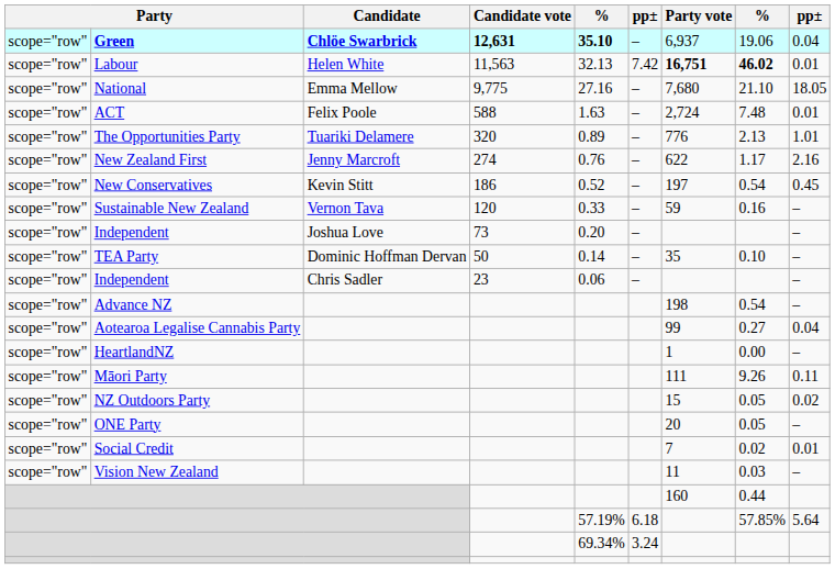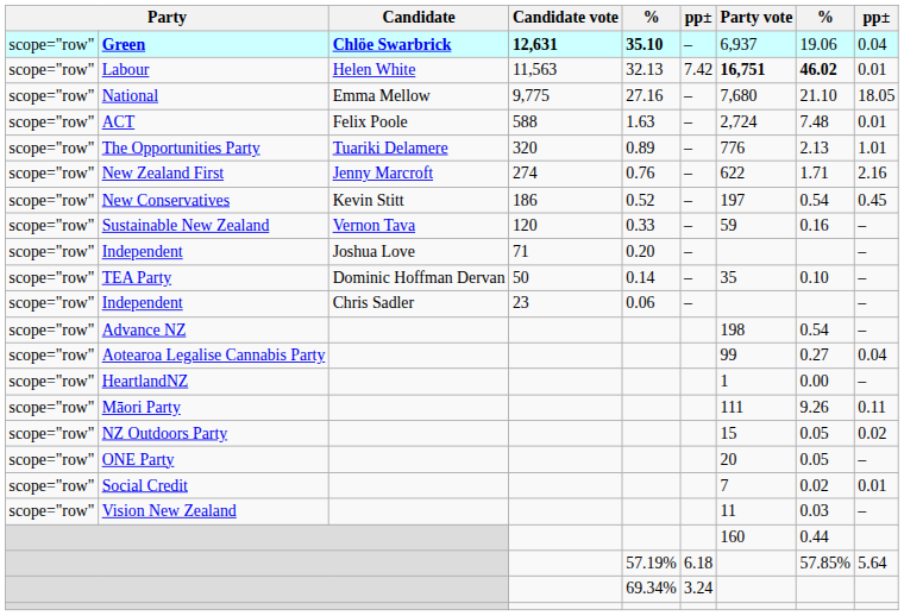 <table class="wikitable sortable col4right col5right col6right col7right col8right col9right">
 <tr>
 <th scope="col" colspan="2">Party</th>
 <th scope="col">Candidate</th>
 <th scope="col">Candidate vote</th>
 <th scope="col">%</th>
 <th>pp±</th>
 <th scope="col">Party vote</th>
 <th scope="col">%</th>
 <th>pp±</th>
 </tr>
 <tr style="background:#ccffff">
 <td>scope="row" </td>
 <td><a href='#'><strong>Green</strong></a></td>
 <td><strong><a href='#'>Chlöe Swarbrick</a></strong></td>
 <td><strong>12,631</strong></td>
 <td><strong>35.10</strong></td>
 <td>–</td>
 <td>6,937</td>
 <td>19.06</td>
 <td>0.04</td>
 </tr>
 <tr>
 <td>scope="row" </td>
 <td><a href='#'>Labour</a></td>
 <td><a href='#'>Helen White</a></td>
 <td>11,563</td>
 <td>32.13</td>
 <td>7.42</td>
 <td><strong>16,751</strong></td>
 <td><strong>46.02</strong></td>
 <td>0.01</td>
 </tr>
 <tr>
 <td>scope="row" </td>
 <td><a href='#'>National</a></td>
 <td>Emma Mellow</td>
 <td>9,775</td>
 <td>27.16</td>
 <td>–</td>
 <td>7,680</td>
 <td>21.10</td>
 <td>18.05</td>
 </tr>
 <tr>
 <td>scope="row" </td>
 <td><a href='#'>ACT</a></td>
 <td>Felix Poole</td>
 <td>588</td>
 <td>1.63</td>
 <td>–</td>
 <td>2,724</td>
 <td>7.48</td>
 <td>0.01</td>
 </tr>
 <tr>
 <td>scope="row" </td>
 <td><a href='#'>The Opportunities Party</a></td>
 <td><a href='#'>Tuariki Delamere</a></td>
 <td>320</td>
 <td>0.89</td>
 <td>–</td>
 <td>776</td>
 <td>2.13</td>
 <td>1.01</td>
 </tr>
 <tr>
 <td>scope="row" </td>
 <td><a href='#'>New Zealand First</a></td>
 <td><a href='#'>Jenny Marcroft</a></td>
 <td>274</td>
 <td>0.76</td>
 <td>–</td>
 <td>622</td>
-<td>1.17</td>
+<td>1.71</td>
 <td>2.16</td>
 </tr>
 <tr>
 <td>scope="row" </td>
 <td><a href='#'>New Conservatives</a></td>
 <td>Kevin Stitt</td>
 <td>186</td>
 <td>0.52</td>
 <td>–</td>
 <td>197</td>
 <td>0.54</td>
 <td>0.45</td>
 </tr>
 <tr>
 <td>scope="row" </td>
 <td><a href='#'>Sustainable New Zealand</a></td>
 <td><a href='#'>Vernon Tava</a></td>
 <td>120</td>
 <td>0.33</td>
 <td>–</td>
 <td>59</td>
 <td>0.16</td>
 <td>–</td>
 </tr>
 <tr>
 <td>scope="row" </td>
 <td><a href='#'>Independent</a></td>
 <td>Joshua Love</td>
-<td>73</td>
+<td>71</td>
 <td>0.20</td>
 <td>–</td>
 <td></td>
 <td></td>
 <td>–</td>
 </tr>
 <tr>
 <td>scope="row" </td>
 <td><a href='#'>TEA Party</a></td>
 <td>Dominic Hoffman Dervan</td>
 <td>50</td>
 <td>0.14</td>
 <td>–</td>
 <td>35</td>
 <td>0.10</td>
 <td>–</td>
 </tr>
 <tr>
 <td>scope="row" </td>
 <td><a href='#'>Independent</a></td>
 <td>Chris Sadler</td>
 <td>23</td>
 <td>0.06</td>
 <td>–</td>
 <td></td>
 <td></td>
 <td>–</td>
 </tr>
 <tr>
 <td>scope="row" </td>
 <td><a href='#'>Advance NZ</a></td>
 <td></td>
 <td></td>
 <td></td>
 <td></td>
 <td>198</td>
 <td>0.54</td>
 <td>–</td>
 </tr>
 <tr>
 <td>scope="row" </td>
 <td><a href='#'>Aotearoa Legalise Cannabis Party</a></td>
 <td></td>
 <td></td>
 <td></td>
 <td></td>
 <td>99</td>
 <td>0.27</td>
 <td>0.04</td>
 </tr>
 <tr>
 <td>scope="row" </td>
 <td><a href='#'>HeartlandNZ</a></td>
 <td></td>
 <td></td>
 <td></td>
 <td></td>
 <td>1</td>
 <td>0.00</td>
 <td>–</td>
 </tr>
 <tr>
 <td>scope="row" </td>
 <td><a href='#'>Māori Party</a></td>
 <td></td>
 <td></td>
 <td></td>
 <td></td>
 <td>111</td>
 <td>9.26</td>
 <td>0.11</td>
 </tr>
 <tr>
 <td>scope="row" </td>
 <td><a href='#'>NZ Outdoors Party</a></td>
 <td></td>
 <td></td>
 <td></td>
 <td></td>
 <td>15</td>
 <td>0.05</td>
 <td>0.02</td>
 </tr>
 <tr>
 <td>scope="row" </td>
 <td><a href='#'>ONE Party</a></td>
 <td></td>
 <td></td>
 <td></td>
 <td></td>
 <td>20</td>
 <td>0.05</td>
 <td>–</td>
 </tr>
 <tr>
 <td>scope="row" </td>
 <td><a href='#'>Social Credit</a></td>
 <td></td>
 <td></td>
 <td></td>
 <td></td>
 <td>7</td>
 <td>0.02</td>
 <td>0.01</td>
 </tr>
 <tr>
 <td>scope="row" </td>
 <td><a href='#'>Vision New Zealand</a></td>
 <td></td>
 <td></td>
 <td></td>
 <td></td>
 <td>11</td>
 <td>0.03</td>
 <td>–</td>
 </tr>
 <tr class=sortbottom>
 <td style="background:#dcdcdc" colspan="3"></td>
 <td></td>
 <td></td>
 <td></td>
 <td>160</td>
 <td>0.44</td>
 <td></td>
 </tr>
 <tr class=sortbottom>
 <td style="background:#dcdcdc" colspan="3"></td>
 <td></td>
 <td>57.19%</td>
 <td>6.18</td>
 <td></td>
 <td>57.85%</td>
 <td>5.64</td>
 </tr>
 <tr class=sortbottom>
 <td style="background:#dcdcdc" colspan="3"></td>
 <td></td>
 <td>69.34%</td>
 <td>3.24</td>
 <td></td>
 <td></td>
 <td></td>
 </tr>
 <tr class=sortbottom>
 <td style="background:#dcdcdc" colspan="3"></td>
 <td></td>
 <td></td>
 <td></td>
 <td></td>
 <td></td>
 <td></td>
 </tr>
 </table>
